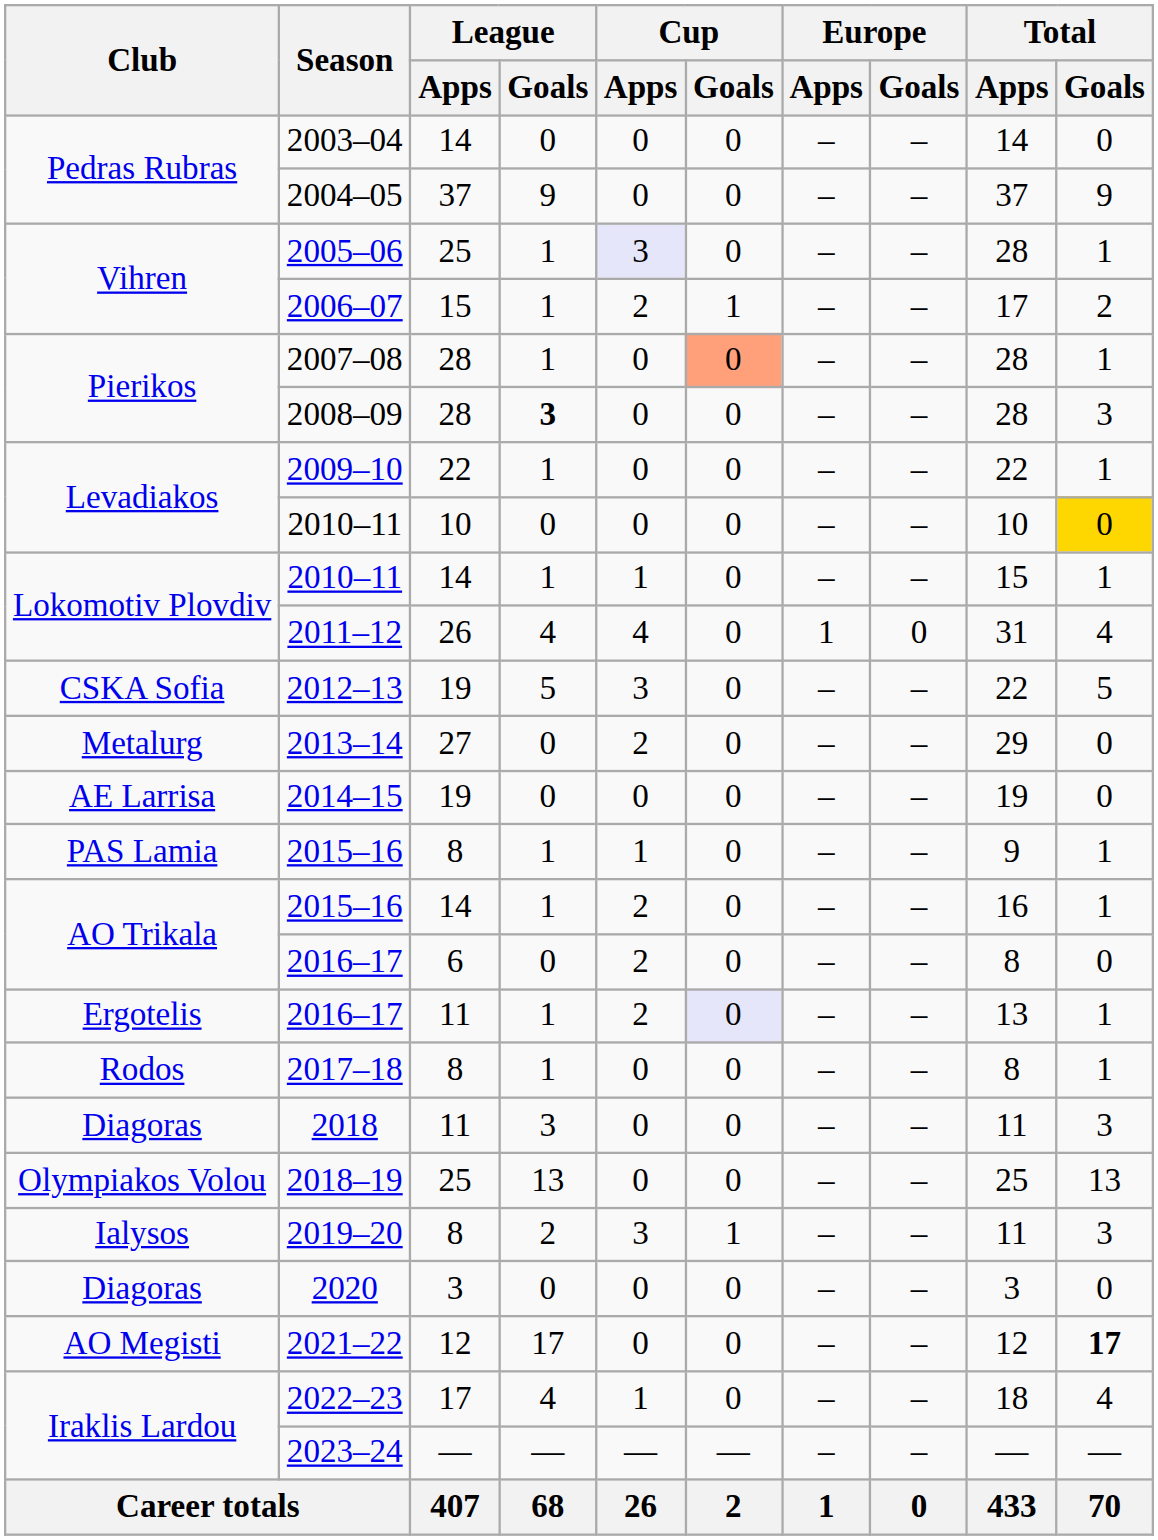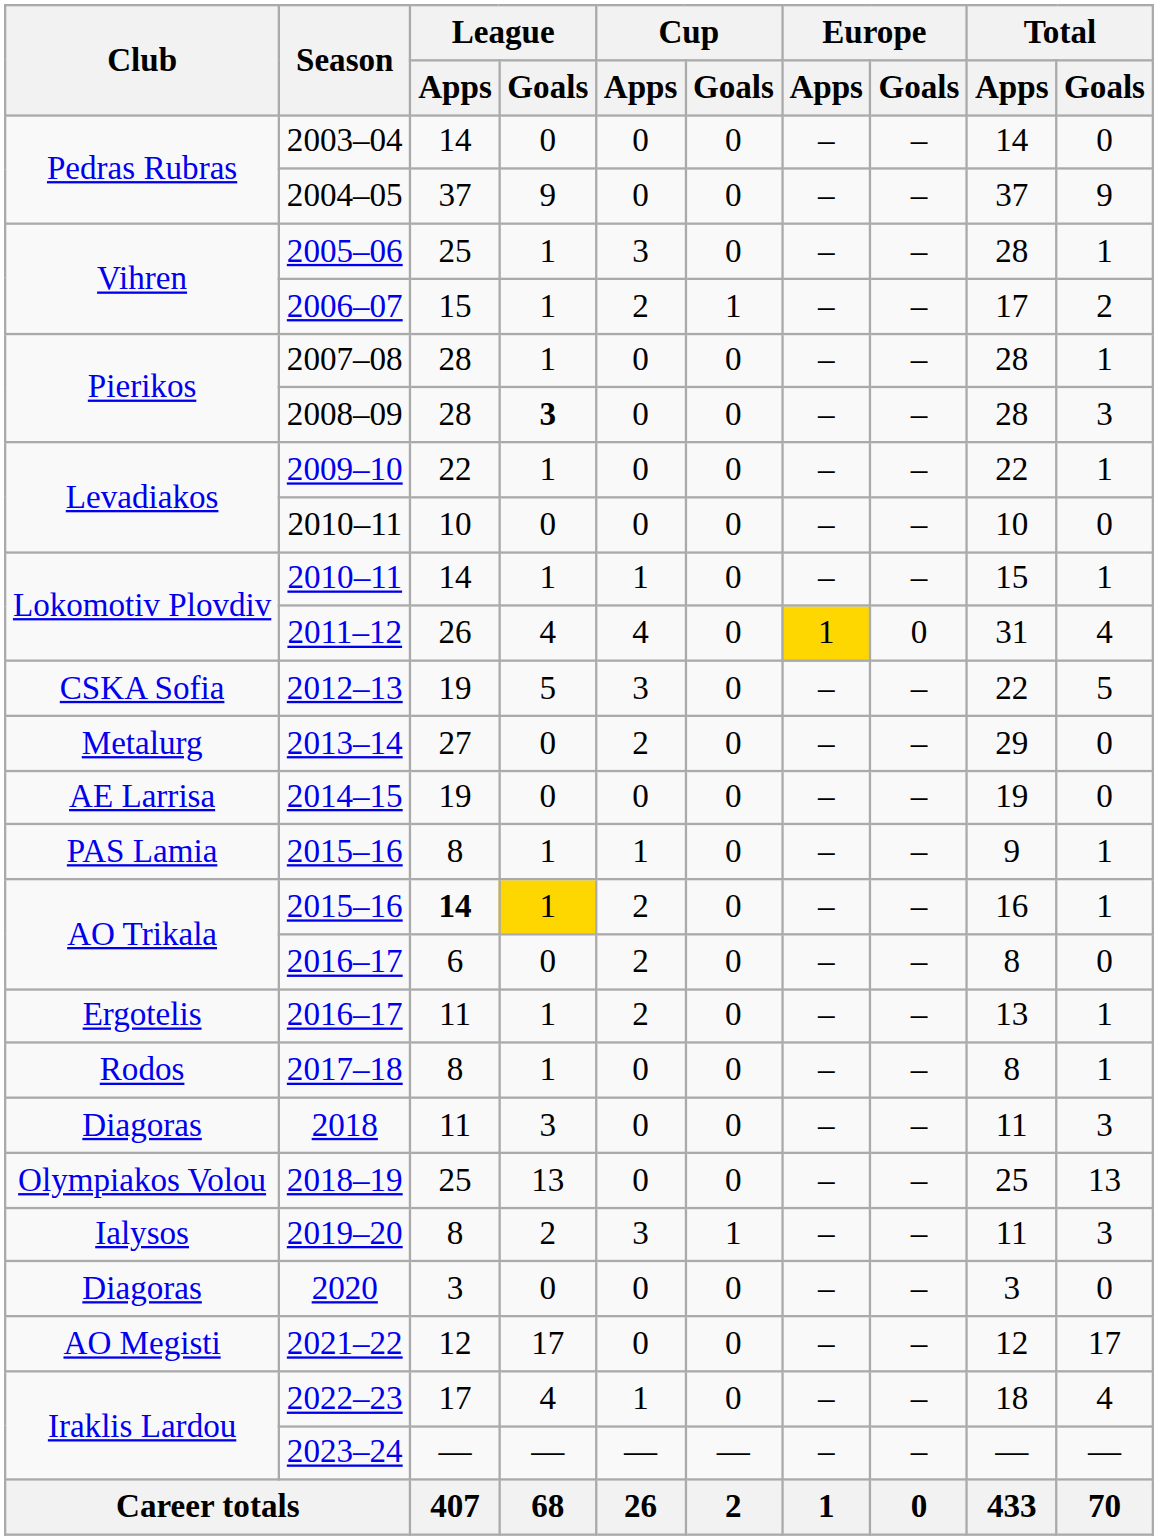 <table class="wikitable" style="font-size:90%; text-align: center;">
 <tr>
 <th rowspan="2">Club</th>
 <th rowspan="2">Season</th>
 <th colspan="2">League</th>
 <th colspan="2">Cup</th>
 <th colspan="2">Europe</th>
 <th colspan="2">Total</th>
 </tr>
 <tr>
 <th>Apps</th>
 <th>Goals</th>
 <th>Apps</th>
 <th>Goals</th>
 <th>Apps</th>
 <th>Goals</th>
 <th>Apps</th>
 <th>Goals</th>
 </tr>
 <tr>
 <td rowspan="2" valign="center"><a href='#'>Pedras Rubras</a></td>
 <td>2003–04</td>
 <td>14</td>
 <td>0</td>
 <td>0</td>
 <td>0</td>
 <td>–</td>
 <td>–</td>
 <td>14</td>
 <td>0</td>
 </tr>
 <tr>
 <td>2004–05</td>
 <td>37</td>
 <td>9</td>
 <td>0</td>
 <td>0</td>
 <td>–</td>
 <td>–</td>
 <td>37</td>
 <td>9</td>
 </tr>
 <tr>
 <td rowspan="2" valign="center"><a href='#'>Vihren</a></td>
 <td><a href='#'>2005–06</a></td>
 <td>25</td>
 <td>1</td>
-<td style="background: lavender;">3</td>
+<td>3</td>
 <td>0</td>
 <td>–</td>
 <td>–</td>
 <td>28</td>
 <td>1</td>
 </tr>
 <tr>
 <td><a href='#'>2006–07</a></td>
 <td>15</td>
 <td>1</td>
 <td>2</td>
 <td>1</td>
 <td>–</td>
 <td>–</td>
 <td>17</td>
 <td>2</td>
 </tr>
 <tr>
 <td rowspan="2" valign="center"><a href='#'>Pierikos</a></td>
 <td>2007–08</td>
 <td>28</td>
 <td>1</td>
 <td>0</td>
-<td style="background: lightsalmon;">0</td>
+<td>0</td>
 <td>–</td>
 <td>–</td>
 <td>28</td>
 <td>1</td>
 </tr>
 <tr>
 <td>2008–09</td>
 <td>28</td>
 <td><strong>3</strong></td>
 <td>0</td>
 <td>0</td>
 <td>–</td>
 <td>–</td>
 <td>28</td>
 <td>3</td>
 </tr>
 <tr>
 <td rowspan="2" valign="center"><a href='#'>Levadiakos</a></td>
 <td><a href='#'>2009–10</a></td>
 <td>22</td>
 <td>1</td>
 <td>0</td>
 <td>0</td>
 <td>–</td>
 <td>–</td>
 <td>22</td>
 <td>1</td>
 </tr>
 <tr>
 <td>2010–11</td>
 <td>10</td>
 <td>0</td>
 <td>0</td>
 <td>0</td>
 <td>–</td>
 <td>–</td>
 <td>10</td>
-<td style="background: gold;">0</td>
+<td>0</td>
 </tr>
 <tr>
 <td rowspan="2" valign="center"><a href='#'>Lokomotiv Plovdiv</a></td>
 <td><a href='#'>2010–11</a></td>
 <td>14</td>
 <td>1</td>
 <td>1</td>
 <td>0</td>
 <td>–</td>
 <td>–</td>
 <td>15</td>
 <td>1</td>
 </tr>
 <tr>
 <td><a href='#'>2011–12</a></td>
 <td>26</td>
 <td>4</td>
 <td>4</td>
 <td>0</td>
-<td>1</td>
+<td style="background: gold;">1</td>
 <td>0</td>
 <td>31</td>
 <td>4</td>
 </tr>
 <tr>
 <td rowspan="1" valign="center"><a href='#'>CSKA Sofia</a></td>
 <td><a href='#'>2012–13</a></td>
 <td>19</td>
 <td>5</td>
 <td>3</td>
 <td>0</td>
 <td>–</td>
 <td>–</td>
 <td>22</td>
 <td>5</td>
 </tr>
 <tr>
 <td rowspan="1" valign="center"><a href='#'>Metalurg</a></td>
 <td><a href='#'>2013–14</a></td>
 <td>27</td>
 <td>0</td>
 <td>2</td>
 <td>0</td>
 <td>–</td>
 <td>–</td>
 <td>29</td>
 <td>0</td>
 </tr>
 <tr>
 <td rowspan="1" valign="center"><a href='#'>AE Larrisa</a></td>
 <td><a href='#'>2014–15</a></td>
 <td>19</td>
 <td>0</td>
 <td>0</td>
 <td>0</td>
 <td>–</td>
 <td>–</td>
 <td>19</td>
 <td>0</td>
 </tr>
 <tr>
 <td rowspan="1" valign="center"><a href='#'>PAS Lamia</a></td>
 <td><a href='#'>2015–16</a></td>
 <td>8</td>
 <td>1</td>
 <td>1</td>
 <td>0</td>
 <td>–</td>
 <td>–</td>
 <td>9</td>
 <td>1</td>
 </tr>
 <tr>
 <td rowspan="2" valign="center"><a href='#'>AO Trikala</a></td>
 <td><a href='#'>2015–16</a></td>
-<td>14</td>
-<td>1</td>
+<td><strong>14</strong></td>
+<td style="background: gold;">1</td>
 <td>2</td>
 <td>0</td>
 <td>–</td>
 <td>–</td>
 <td>16</td>
 <td>1</td>
 </tr>
 <tr>
 <td><a href='#'>2016–17</a></td>
 <td>6</td>
 <td>0</td>
 <td>2</td>
 <td>0</td>
 <td>–</td>
 <td>–</td>
 <td>8</td>
 <td>0</td>
 </tr>
 <tr>
 <td rowspan="1" valign="center"><a href='#'>Ergotelis</a></td>
 <td><a href='#'>2016–17</a></td>
 <td>11</td>
 <td>1</td>
 <td>2</td>
-<td style="background: lavender;">0</td>
+<td>0</td>
 <td>–</td>
 <td>–</td>
 <td>13</td>
 <td>1</td>
 </tr>
 <tr>
 <td rowspan="1" valign="center"><a href='#'>Rodos</a></td>
 <td><a href='#'>2017–18</a></td>
 <td>8</td>
 <td>1</td>
 <td>0</td>
 <td>0</td>
 <td>–</td>
 <td>–</td>
 <td>8</td>
 <td>1</td>
 </tr>
 <tr>
 <td rowspan="1" valign="center"><a href='#'>Diagoras</a></td>
 <td><a href='#'>2018</a></td>
 <td>11</td>
 <td>3</td>
 <td>0</td>
 <td>0</td>
 <td>–</td>
 <td>–</td>
 <td>11</td>
 <td>3</td>
 </tr>
 <tr>
 <td rowspan="1" valign="center"><a href='#'>Olympiakos Volou</a></td>
 <td><a href='#'>2018–19</a></td>
 <td>25</td>
 <td>13</td>
 <td>0</td>
 <td>0</td>
 <td>–</td>
 <td>–</td>
 <td>25</td>
 <td>13</td>
 </tr>
 <tr>
 <td rowspan="1" valign="center"><a href='#'>Ialysos</a></td>
 <td><a href='#'>2019–20</a></td>
 <td>8</td>
 <td>2</td>
 <td>3</td>
 <td>1</td>
 <td>–</td>
 <td>–</td>
 <td>11</td>
 <td>3</td>
 </tr>
 <tr>
 <td rowspan="1" valign="center"><a href='#'>Diagoras</a></td>
 <td><a href='#'>2020</a></td>
 <td>3</td>
 <td>0</td>
 <td>0</td>
 <td>0</td>
 <td>–</td>
 <td>–</td>
 <td>3</td>
 <td>0</td>
 </tr>
 <tr>
 <td rowspan="1" valign="center"><a href='#'>AO Megisti</a></td>
 <td><a href='#'>2021–22</a></td>
 <td>12</td>
 <td>17</td>
 <td>0</td>
 <td>0</td>
 <td>–</td>
 <td>–</td>
 <td>12</td>
-<td><strong>17</strong></td>
+<td>17</td>
 </tr>
 <tr>
 <td rowspan="2" valign="center"><a href='#'>Iraklis Lardou</a></td>
 <td><a href='#'>2022–23</a></td>
 <td>17</td>
 <td>4</td>
 <td>1</td>
 <td>0</td>
 <td>–</td>
 <td>–</td>
 <td>18</td>
 <td>4</td>
 </tr>
 <tr>
 <td><a href='#'>2023–24</a></td>
 <td>—</td>
 <td>—</td>
 <td>—</td>
 <td>—</td>
 <td>–</td>
 <td>–</td>
 <td>—</td>
 <td>—</td>
 </tr>
 <tr>
 <th colspan="2">Career totals</th>
 <th>407</th>
 <th>68</th>
 <th>26</th>
 <th>2</th>
 <th>1</th>
 <th>0</th>
 <th>433</th>
 <th>70</th>
 </tr>
 </table>
